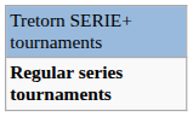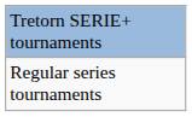 <table class=wikitable style=font-size:85% width=15%>
 <tr style="background-color:#99BADD">
 <td>Tretorn SERIE+ tournaments</td>
 </tr>
 <tr>
-<td><strong>Regular series tournaments</strong></td>
+<td>Regular series tournaments</td>
 </tr>
 </table>
